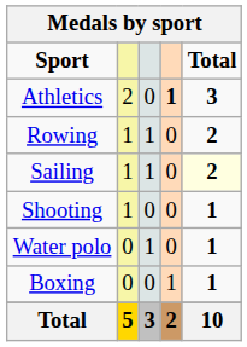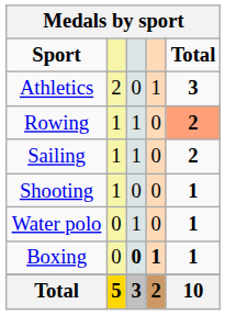 <table class="wikitable" style="font-size:85%; float:right;">
 <tr style="background:#efefef;">
 <th colspan=7>Medals by sport</th>
 </tr>
 <tr align=center>
 <td><strong>Sport</strong></td>
 <td style="background:#f7f6a8;"></td>
 <td style="background:#dce5e5;"></td>
 <td style="background:#ffdab9;"></td>
 <td><strong>Total</strong></td>
 </tr>
 <tr align=center>
 <td><a href='#'>Athletics</a></td>
 <td style="background:#F7F6A8;">2</td>
 <td style="background:#DCE5E5;">0</td>
-<td style="background:#FFDAB9;"><strong>1</strong></td>
+<td style="background:#FFDAB9;">1</td>
 <td><strong>3</strong></td>
 </tr>
 <tr align=center>
 <td><a href='#'>Rowing</a></td>
 <td style="background:#F7F6A8;">1</td>
 <td style="background:#DCE5E5;">1</td>
 <td style="background:#FFDAB9;">0</td>
-<td><strong>2</strong></td>
+<td style="background: lightsalmon;"><strong>2</strong></td>
 </tr>
 <tr align=center>
 <td><a href='#'>Sailing</a></td>
 <td style="background:#F7F6A8;">1</td>
 <td style="background:#DCE5E5;">1</td>
 <td style="background:#FFDAB9;">0</td>
-<td style="background: lightyellow;"><strong>2</strong></td>
+<td><strong>2</strong></td>
 </tr>
 <tr align=center>
 <td><a href='#'>Shooting</a></td>
 <td style="background:#F7F6A8;">1</td>
 <td style="background:#DCE5E5;">0</td>
 <td style="background:#FFDAB9;">0</td>
 <td><strong>1</strong></td>
 </tr>
 <tr align=center>
 <td><a href='#'>Water polo</a></td>
 <td style="background:#F7F6A8;">0</td>
 <td style="background:#DCE5E5;">1</td>
 <td style="background:#FFDAB9;">0</td>
 <td><strong>1</strong></td>
 </tr>
 <tr align=center>
 <td><a href='#'>Boxing</a></td>
 <td style="background:#F7F6A8;">0</td>
-<td style="background:#DCE5E5;">0</td>
-<td style="background:#FFDAB9;">1</td>
+<td style="background:#DCE5E5;"><strong>0</strong></td>
+<td style="background:#FFDAB9;"><strong>1</strong></td>
 <td><strong>1</strong></td>
 </tr>
 <tr>
 </tr>
 <tr align=center>
 <th>Total</th>
 <th style="background:gold">5</th>
 <th style="background:silver">3</th>
 <th style="background:#c96">2</th>
 <th>10</th>
 </tr>
 </table>
